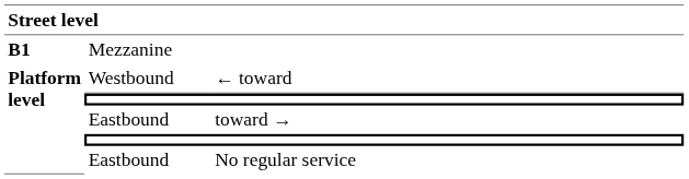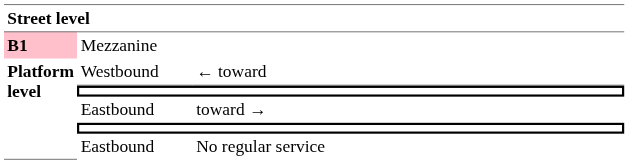 <table cellpadding="3" cellspacing="0" border="0">
 <tr>
 <td colspan="3" valign="top" width="50" style="border-top:solid 1px gray;"><strong>Street level</strong></td>
 </tr>
 <tr>
-<td valign="top" width="50" style="border-top:solid 1px gray;"><strong>B1</strong></td>
+<td valign="top" width="50" style="background: pink; border-top:solid 1px gray;"><strong>B1</strong></td>
 <td colspan="2" valign="top" width="125" style="border-top:solid 1px gray;">Mezzanine</td>
 </tr>
 <tr>
 <td style="border-bottom:solid 1px gray;" width=50 rowspan=10 valign=top><strong>Platform level</strong></td>
 <td style="border-bottom:solid 1px gray;" width=100>Westbound</td>
 <td style="border-bottom:solid 1px gray;" width=390>←   toward  </td>
 </tr>
 <tr>
 <td style="border-top:solid 2px black;border-right:solid 2px black;border-left:solid 2px black;border-bottom:solid 2px black;text-align:center;" colspan=2></td>
 </tr>
 <tr>
 <td>Eastbound</td>
 <td>   toward   →</td>
 </tr>
 <tr>
 <td style="border-top:solid 2px black;border-right:solid 2px black;border-left:solid 2px black;border-bottom:solid 2px black;text-align:center;" colspan=2></td>
 </tr>
 <tr>
 <td>Eastbound</td>
 <td>No regular service</td>
 </tr>
 </table>
